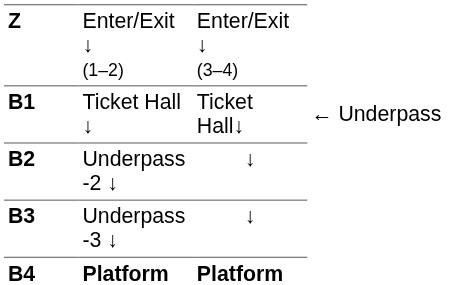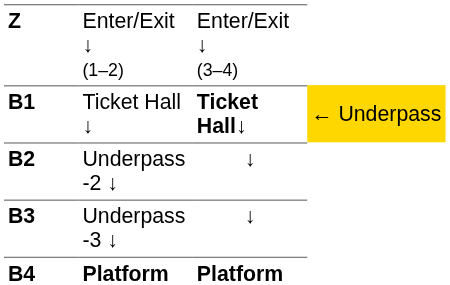 <table border="0" cellspacing="0" cellpadding="3">
 <tr>
 <td style="border-top:solid 1px gray;" width="50" valign="top"><strong>Z</strong></td>
 <td style="border-top:solid 1px gray;" width="80" valign="top">Enter/Exit ↓<br><small>(1–2)</small></td>
 <td style="border-top:solid 1px gray;" width="80" valign="top">Enter/Exit ↓<br><small>(3–4)</small></td>
 <td></td>
 </tr>
 <tr>
 <td style="border-top:solid 1px gray;" width="50" valign="top"><strong>B1</strong></td>
 <td style="border-top:solid 1px gray;" width="80" valign="top">Ticket Hall ↓</td>
-<td style="border-top:solid 1px gray;" width="80" valign="top">Ticket Hall↓<br></td>
-<td>← Underpass</td>
+<td style="border-top:solid 1px gray;" width="80" valign="top"><strong>Ticket Hall↓<br></strong></td>
+<td style="background: gold;">← Underpass</td>
 </tr>
 <tr>
 <td style="border-top:solid 1px gray;" width="50" valign="top"><strong>B2</strong></td>
 <td style="border-top:solid 1px gray;" width="80" valign="top">Underpass -2 ↓</td>
 <td style="border-top:solid 1px gray;text-align:center;" width="80" valign="top">↓</td>
 <td></td>
 </tr>
 <tr>
 <td style="border-top:solid 1px gray;" width="50" valign="top"><strong>B3</strong></td>
 <td style="border-top:solid 1px gray;" width="80" valign="top">Underpass -3 ↓</td>
 <td style="border-top:solid 1px gray;text-align:center;" width="80" valign="top">↓</td>
 <td></td>
 </tr>
 <tr>
 <td style="border-top:solid 1px gray;" width="50" valign="top"><strong>B4</strong></td>
 <td style="border-top:solid 1px gray;" width="80" valign="top"><strong>Platform</strong></td>
 <td style="border-top:solid 1px gray;" width="80" valign="top"><strong>Platform</strong></td>
 <td></td>
 </tr>
 </table>
